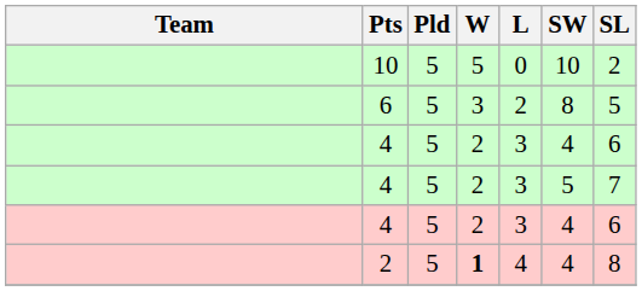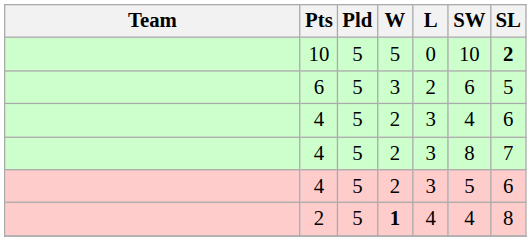 <table class=wikitable style="text-align:center">
 <tr>
 <th width=220>Team</th>
 <th width=20>Pts</th>
 <th width=20>Pld</th>
 <th width=20>W</th>
 <th width=20>L</th>
 <th width=20>SW</th>
 <th width=20>SL</th>
 </tr>
 <tr style="background:#cfc;">
 <td align=left></td>
 <td>10</td>
 <td>5</td>
 <td>5</td>
 <td>0</td>
 <td>10</td>
-<td>2</td>
+<td><strong>2</strong></td>
 </tr>
 <tr style="background:#cfc;">
 <td align=left></td>
 <td>6</td>
 <td>5</td>
 <td>3</td>
 <td>2</td>
-<td>8</td>
+<td>6</td>
 <td>5</td>
 </tr>
 <tr style="background:#cfc;">
 <td align=left></td>
 <td>4</td>
 <td>5</td>
 <td>2</td>
 <td>3</td>
 <td>4</td>
 <td>6</td>
 </tr>
 <tr style="background:#cfc;">
 <td align=left></td>
 <td>4</td>
 <td>5</td>
 <td>2</td>
 <td>3</td>
-<td>5</td>
+<td>8</td>
 <td>7</td>
 </tr>
 <tr style="background:#fcc;">
 <td align=left></td>
 <td>4</td>
 <td>5</td>
 <td>2</td>
 <td>3</td>
-<td>4</td>
+<td>5</td>
 <td>6</td>
 </tr>
 <tr style="background:#fcc;">
 <td align=left></td>
 <td>2</td>
 <td>5</td>
 <td><strong>1</strong></td>
 <td>4</td>
 <td>4</td>
 <td>8</td>
 </tr>
 <tr>
 </tr>
 </table>
